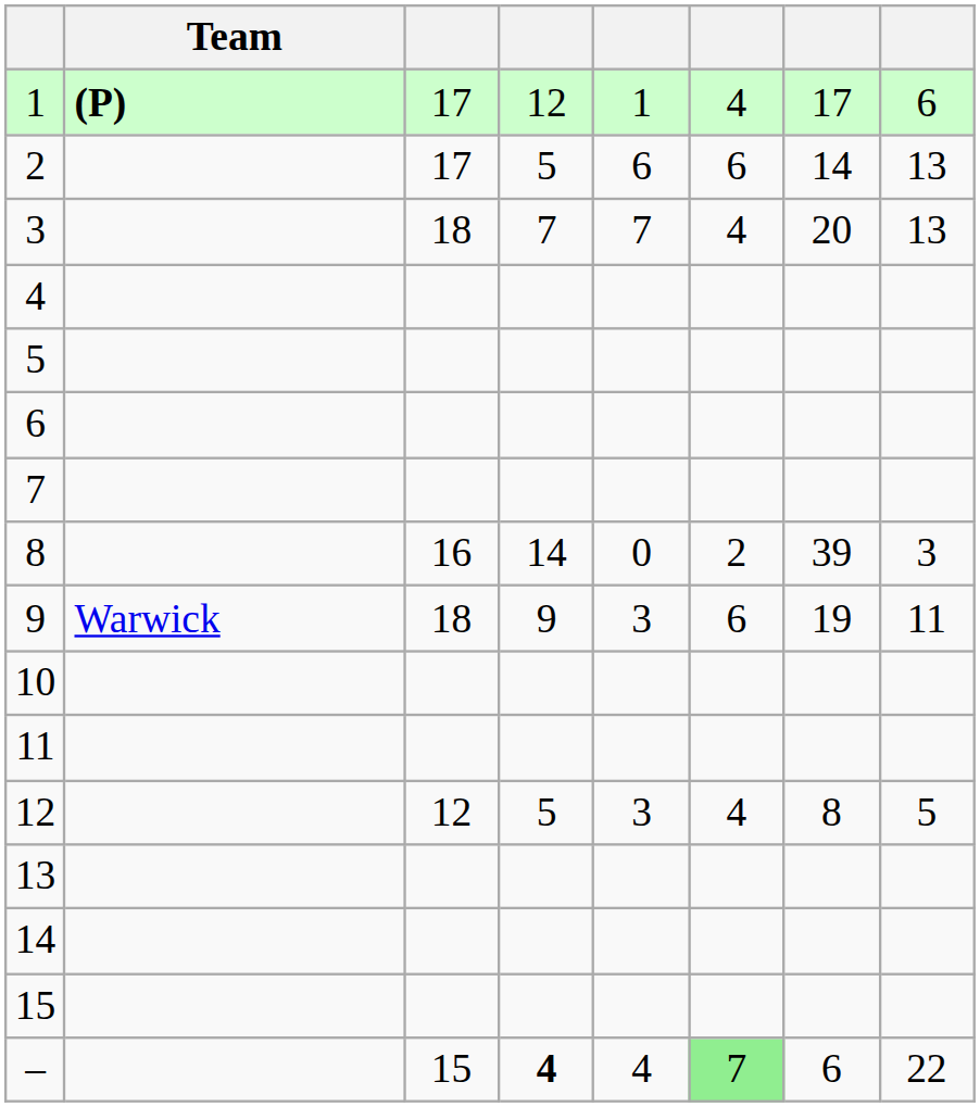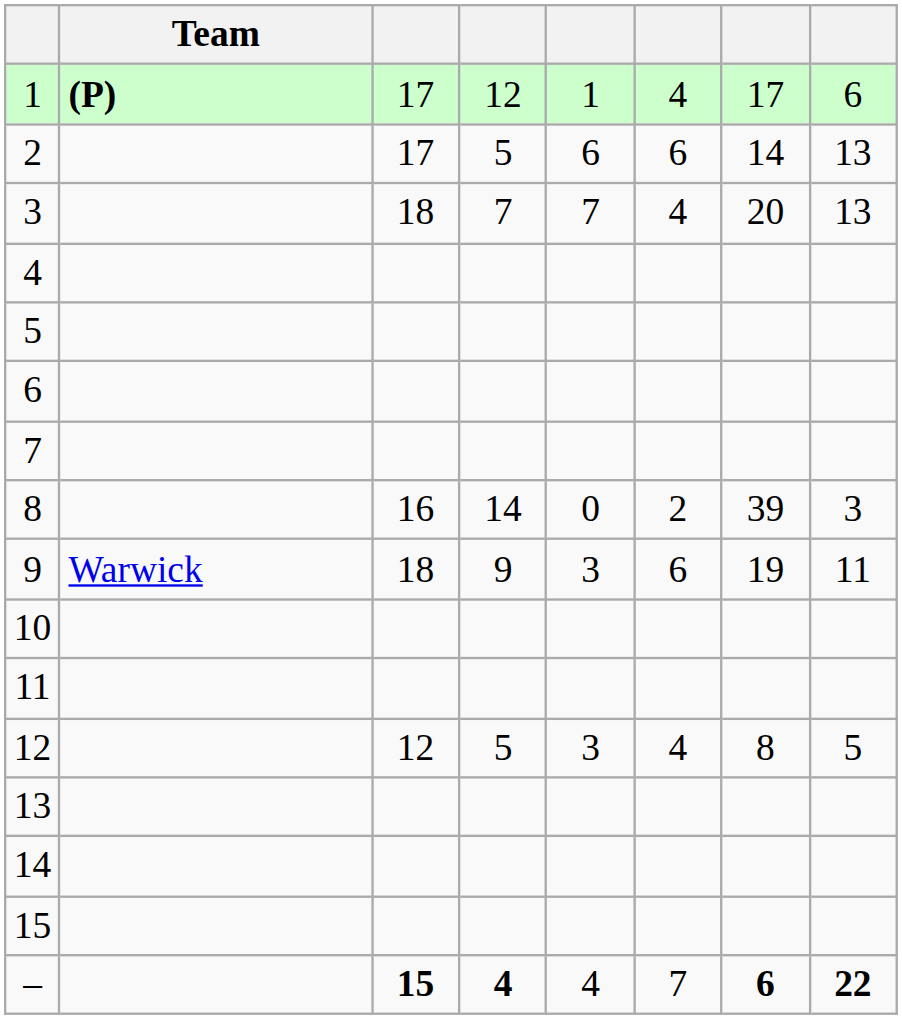 <table class="wikitable" style="text-align:center; margin-bottom:0">
 <tr>
 <th style="width:10px"></th>
 <th style="width:35%;">Team</th>
 <th style="width:30px;"></th>
 <th style="width:30px;"></th>
 <th style="width:30px;"></th>
 <th style="width:30px;"></th>
 <th style="width:30px;"></th>
 <th style="width:30px;"></th>
 </tr>
 <tr style="background:#ccffcc;">
 <td>1</td>
 <td align=left> <strong>(P)</strong></td>
 <td>17</td>
 <td>12</td>
 <td>1</td>
 <td>4</td>
 <td>17</td>
 <td>6</td>
 </tr>
 <tr>
 <td>2</td>
 <td align=left></td>
 <td>17</td>
 <td>5</td>
 <td>6</td>
 <td>6</td>
 <td>14</td>
 <td>13</td>
 </tr>
 <tr>
 <td>3</td>
 <td align=left></td>
 <td>18</td>
 <td>7</td>
 <td>7</td>
 <td>4</td>
 <td>20</td>
 <td>13</td>
 </tr>
 <tr>
 <td>4</td>
 <td align=left></td>
 <td></td>
 <td></td>
 <td></td>
 <td></td>
 <td></td>
 <td></td>
 </tr>
 <tr>
 <td>5</td>
 <td align=left></td>
 <td></td>
 <td></td>
 <td></td>
 <td></td>
 <td></td>
 <td></td>
 </tr>
 <tr>
 <td>6</td>
 <td align=left></td>
 <td></td>
 <td></td>
 <td></td>
 <td></td>
 <td></td>
 <td></td>
 </tr>
 <tr>
 <td>7</td>
 <td align=left></td>
 <td></td>
 <td></td>
 <td></td>
 <td></td>
 <td></td>
 <td></td>
 </tr>
 <tr>
 <td>8</td>
 <td align=left></td>
 <td>16</td>
 <td>14</td>
 <td>0</td>
 <td>2</td>
 <td>39</td>
 <td>3</td>
 </tr>
 <tr>
 <td>9</td>
 <td align=left><a href='#'>Warwick</a></td>
 <td>18</td>
 <td>9</td>
 <td>3</td>
 <td>6</td>
 <td>19</td>
 <td>11</td>
 </tr>
 <tr>
 <td>10</td>
 <td align=left></td>
 <td></td>
 <td></td>
 <td></td>
 <td></td>
 <td></td>
 <td></td>
 </tr>
 <tr>
 <td>11</td>
 <td align=left></td>
 <td></td>
 <td></td>
 <td></td>
 <td></td>
 <td></td>
 <td></td>
 </tr>
 <tr>
 <td>12</td>
 <td align=left></td>
 <td>12</td>
 <td>5</td>
 <td>3</td>
 <td>4</td>
 <td>8</td>
 <td>5</td>
 </tr>
 <tr>
 <td>13</td>
 <td align=left></td>
 <td></td>
 <td></td>
 <td></td>
 <td></td>
 <td></td>
 <td></td>
 </tr>
 <tr>
 <td>14</td>
 <td align=left></td>
 <td></td>
 <td></td>
 <td></td>
 <td></td>
 <td></td>
 <td></td>
 </tr>
 <tr>
 <td>15</td>
 <td align=left></td>
 <td></td>
 <td></td>
 <td></td>
 <td></td>
 <td></td>
 <td></td>
 </tr>
 <tr>
 <td>–</td>
 <td align=left></td>
-<td>15</td>
+<td><strong>15</strong></td>
 <td><strong>4</strong></td>
 <td>4</td>
-<td style="background: lightgreen;">7</td>
-<td>6</td>
-<td>22</td>
+<td>7</td>
+<td><strong>6</strong></td>
+<td><strong>22</strong></td>
 </tr>
 </table>
